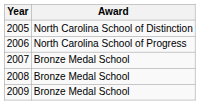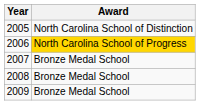 <table class="wikitable">
 <tr>
 <th>Year</th>
 <th>Award</th>
 </tr>
 <tr>
 <td>2005</td>
 <td>North Carolina School of Distinction</td>
 </tr>
 <tr>
 <td>2006</td>
-<td>North Carolina School of Progress</td>
+<td style="background: gold;">North Carolina School of Progress</td>
 </tr>
 <tr>
 <td>2007</td>
 <td>Bronze Medal School</td>
 </tr>
 <tr>
 <td>2008</td>
 <td>Bronze Medal School</td>
 </tr>
 <tr>
 <td>2009</td>
 <td>Bronze Medal School</td>
 </tr>
 </table>
